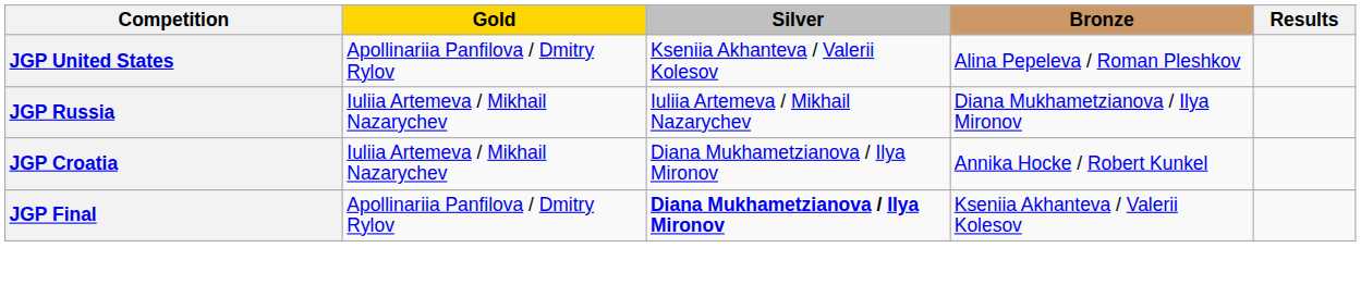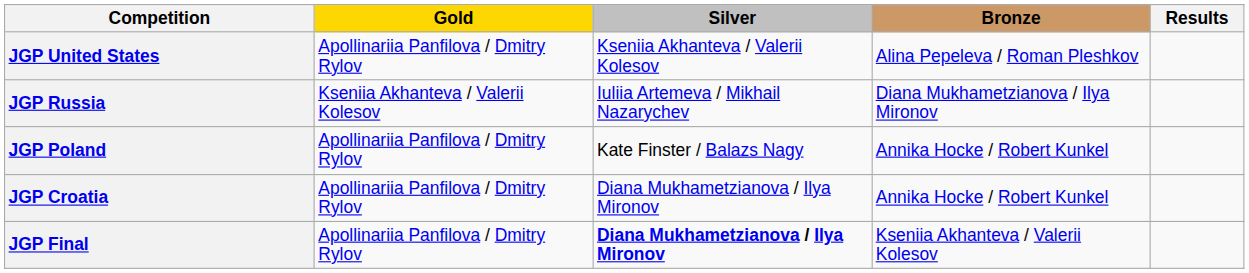 <table class="wikitable unsortable" style="text-align:left; width:90%;">
 <tr>
 <th scope="col" style="text-align:center; width:25%;">Competition</th>
 <td scope="col" style="text-align:center; width:22.5%; background:gold"><strong>Gold</strong></td>
 <td scope="col" style="text-align:center; width:22.5%; background:silver"><strong>Silver</strong></td>
 <td scope="col" style="text-align:center; width:22.5%; background:#c96"><strong>Bronze</strong></td>
 <th scope="col" style="text-align:center; width:7.5%;">Results</th>
 </tr>
 <tr>
 <th scope="row" style="text-align:left"> <a href='#'>JGP United States</a></th>
 <td> <a href='#'>Apollinariia Panfilova</a> / <a href='#'>Dmitry Rylov</a></td>
 <td> <a href='#'>Kseniia Akhanteva</a> / <a href='#'>Valerii Kolesov</a></td>
 <td> <a href='#'>Alina Pepeleva</a> / <a href='#'>Roman Pleshkov</a></td>
 <td></td>
 </tr>
 <tr>
 <th scope="row" style="text-align:left"> <a href='#'>JGP Russia</a></th>
-<td> <a href='#'>Iuliia Artemeva</a> / <a href='#'>Mikhail Nazarychev</a></td>
+<td> <a href='#'>Kseniia Akhanteva</a> / <a href='#'>Valerii Kolesov</a></td>
 <td> <a href='#'>Iuliia Artemeva</a> / <a href='#'>Mikhail Nazarychev</a></td>
 <td> <a href='#'>Diana Mukhametzianova</a> / <a href='#'>Ilya Mironov</a></td>
 <td></td>
 </tr>
 <tr>
+<th scope="row" style="text-align:left"> <a href='#'>JGP Poland</a></th>
+<td> <a href='#'>Apollinariia Panfilova</a> / <a href='#'>Dmitry Rylov</a></td>
+<td> Kate Finster / <a href='#'>Balazs Nagy</a></td>
+<td> <a href='#'>Annika Hocke</a> / <a href='#'>Robert Kunkel</a></td>
+<td></td>
+</tr>
+<tr>
 <th scope="row" style="text-align:left"> <a href='#'>JGP Croatia</a></th>
-<td> <a href='#'>Iuliia Artemeva</a> / <a href='#'>Mikhail Nazarychev</a></td>
+<td> <a href='#'>Apollinariia Panfilova</a> / <a href='#'>Dmitry Rylov</a></td>
 <td> <a href='#'>Diana Mukhametzianova</a> / <a href='#'>Ilya Mironov</a></td>
 <td> <a href='#'>Annika Hocke</a> / <a href='#'>Robert Kunkel</a></td>
 <td></td>
 </tr>
 <tr>
 <th scope="row" style="text-align:left"> <a href='#'>JGP Final</a></th>
 <td> <a href='#'>Apollinariia Panfilova</a> / <a href='#'>Dmitry Rylov</a></td>
 <td><strong> <a href='#'>Diana Mukhametzianova</a> / <a href='#'>Ilya Mironov</a></strong></td>
 <td> <a href='#'>Kseniia Akhanteva</a> / <a href='#'>Valerii Kolesov</a></td>
 <td></td>
 </tr>
 </table>
